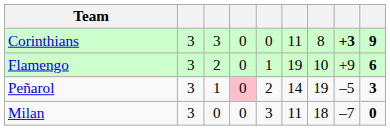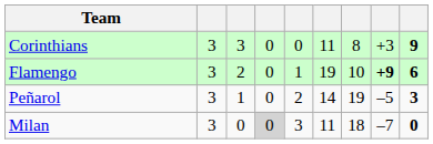 <table class="wikitable" style="text-align: center;">
 <tr>
 <th width="175">Team</th>
 <th width="20"></th>
 <th width="20"></th>
 <th width="20"></th>
 <th width="20"></th>
 <th width="20"></th>
 <th width="20"></th>
 <th width="20"></th>
 <th width="20"></th>
 </tr>
 <tr style="background-color: #ccffcc;">
 <td align=left> <a href='#'>Corinthians</a></td>
 <td>3</td>
 <td>3</td>
 <td>0</td>
 <td>0</td>
 <td>11</td>
 <td>8</td>
-<td><strong>+3</strong></td>
+<td>+3</td>
 <td><strong>9</strong></td>
 </tr>
 <tr style="background-color: #ccffcc;">
 <td align=left> <a href='#'>Flamengo</a></td>
 <td>3</td>
 <td>2</td>
 <td>0</td>
 <td>1</td>
 <td>19</td>
 <td>10</td>
-<td>+9</td>
+<td><strong>+9</strong></td>
 <td><strong>6</strong></td>
 </tr>
 <tr>
 <td align=left> <a href='#'>Peñarol</a></td>
 <td>3</td>
 <td>1</td>
-<td style="background: pink;">0</td>
+<td>0</td>
 <td>2</td>
 <td>14</td>
 <td>19</td>
 <td>–5</td>
 <td><strong>3</strong></td>
 </tr>
 <tr>
 <td align=left> <a href='#'>Milan</a></td>
 <td>3</td>
 <td>0</td>
-<td>0</td>
+<td style="background: lightgrey;">0</td>
 <td>3</td>
 <td>11</td>
 <td>18</td>
 <td>–7</td>
 <td><strong>0</strong></td>
 </tr>
 </table>
